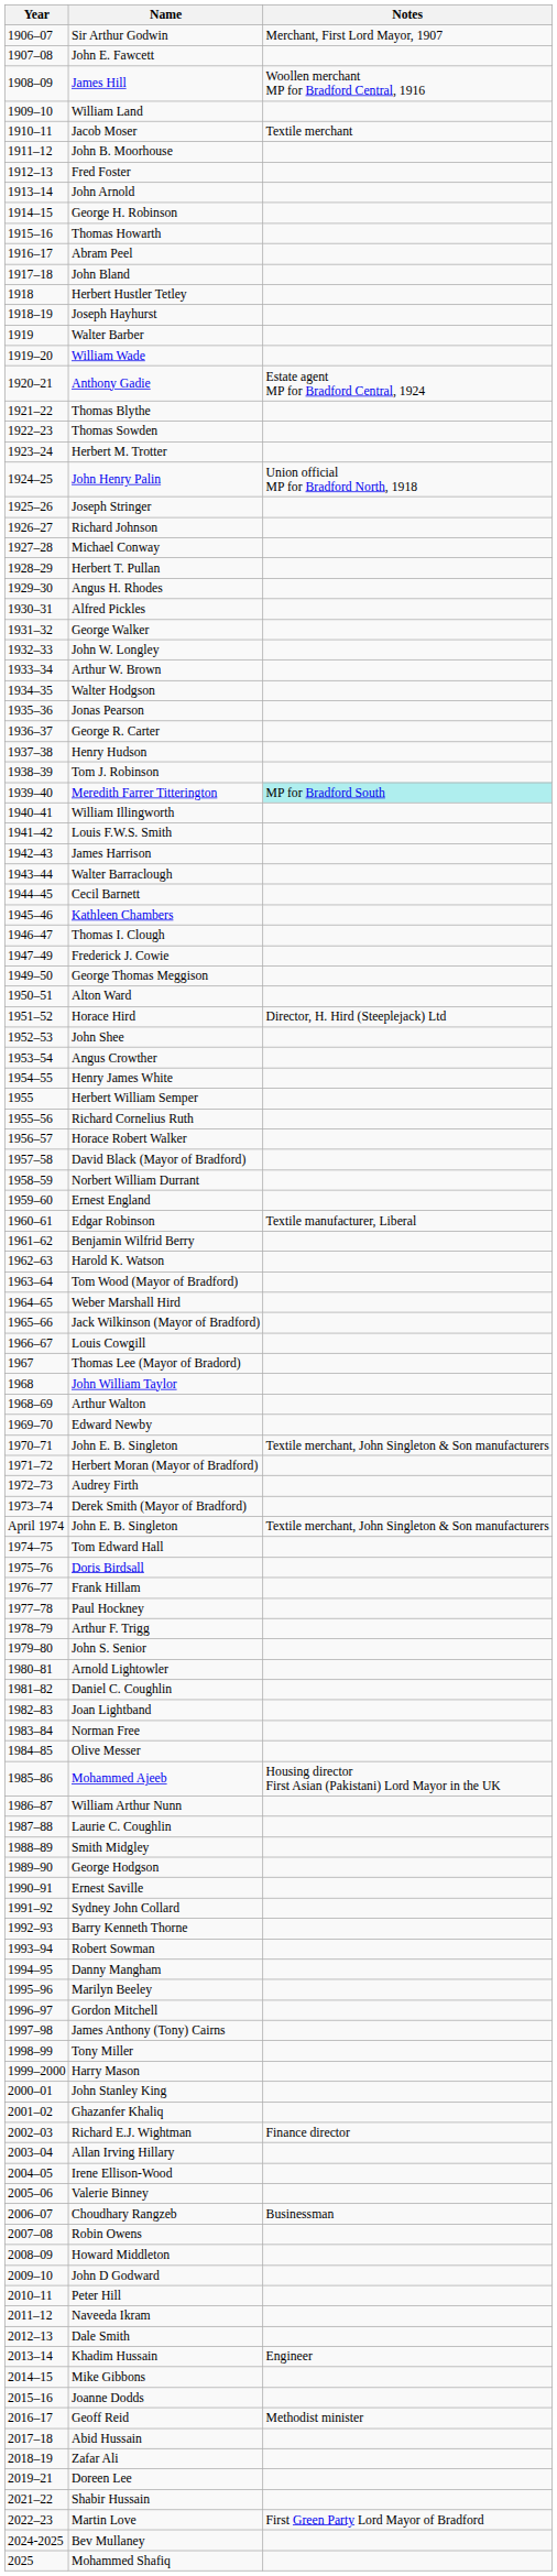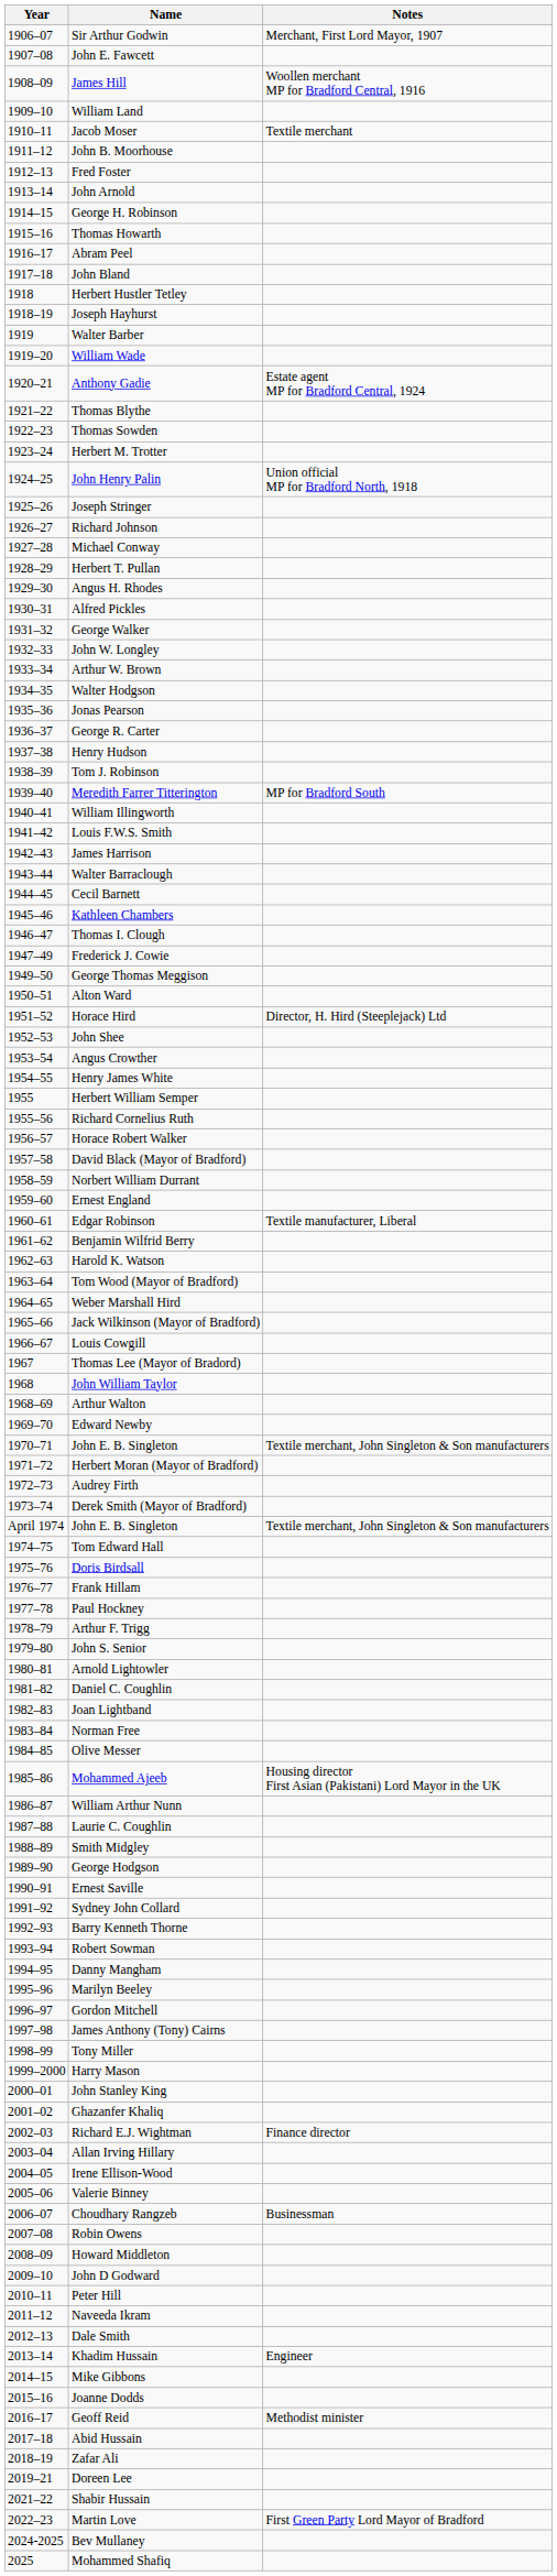 <table class="wikitable">
 <tr>
 <th>Year</th>
 <th>Name</th>
 <th>Notes</th>
 </tr>
 <tr>
 <td>1906–07</td>
 <td>Sir Arthur Godwin</td>
 <td>Merchant, First Lord Mayor, 1907</td>
 </tr>
 <tr>
 <td>1907–08</td>
 <td>John E. Fawcett</td>
 <td></td>
 </tr>
 <tr>
 <td>1908–09</td>
 <td><a href='#'>James Hill</a></td>
 <td>Woollen merchant <br> MP for <a href='#'>Bradford Central</a>, 1916</td>
 </tr>
 <tr>
 <td>1909–10</td>
 <td>William Land</td>
 <td></td>
 </tr>
 <tr>
 <td>1910–11</td>
 <td>Jacob Moser</td>
 <td>Textile merchant</td>
 </tr>
 <tr>
 <td>1911–12</td>
 <td>John B. Moorhouse</td>
 <td></td>
 </tr>
 <tr>
 <td>1912–13</td>
 <td>Fred Foster</td>
 <td></td>
 </tr>
 <tr>
 <td>1913–14</td>
 <td>John Arnold</td>
 <td></td>
 </tr>
 <tr>
 <td>1914–15</td>
 <td>George H. Robinson</td>
 <td></td>
 </tr>
 <tr>
 <td>1915–16</td>
 <td>Thomas Howarth</td>
 <td></td>
 </tr>
 <tr>
 <td>1916–17</td>
 <td>Abram Peel</td>
 <td></td>
 </tr>
 <tr>
 <td>1917–18</td>
 <td>John Bland</td>
 <td></td>
 </tr>
 <tr>
 <td>1918</td>
 <td>Herbert Hustler Tetley</td>
 <td></td>
 </tr>
 <tr>
 <td>1918–19</td>
 <td>Joseph Hayhurst</td>
 <td></td>
 </tr>
 <tr>
 <td>1919</td>
 <td>Walter Barber</td>
 <td></td>
 </tr>
 <tr>
 <td>1919–20</td>
 <td><a href='#'>William Wade</a></td>
 <td></td>
 </tr>
 <tr>
 <td>1920–21</td>
 <td><a href='#'>Anthony Gadie</a></td>
 <td>Estate agent <br> MP for <a href='#'>Bradford Central</a>, 1924</td>
 </tr>
 <tr>
 <td>1921–22</td>
 <td>Thomas Blythe</td>
 <td></td>
 </tr>
 <tr>
 <td>1922–23</td>
 <td>Thomas Sowden</td>
 <td></td>
 </tr>
 <tr>
 <td>1923–24</td>
 <td>Herbert M. Trotter</td>
 <td></td>
 </tr>
 <tr>
 <td>1924–25</td>
 <td><a href='#'>John Henry Palin</a></td>
 <td>Union official <br> MP for <a href='#'>Bradford North</a>, 1918</td>
 </tr>
 <tr>
 <td>1925–26</td>
 <td>Joseph Stringer</td>
 <td></td>
 </tr>
 <tr>
 <td>1926–27</td>
 <td>Richard Johnson</td>
 <td></td>
 </tr>
 <tr>
 <td>1927–28</td>
 <td>Michael Conway</td>
 <td></td>
 </tr>
 <tr>
 <td>1928–29</td>
 <td>Herbert T. Pullan</td>
 <td></td>
 </tr>
 <tr>
 <td>1929–30</td>
 <td>Angus H. Rhodes</td>
 <td></td>
 </tr>
 <tr>
 <td>1930–31</td>
 <td>Alfred Pickles</td>
 <td></td>
 </tr>
 <tr>
 <td>1931–32</td>
 <td>George Walker</td>
 <td></td>
 </tr>
 <tr>
 <td>1932–33</td>
 <td>John W. Longley</td>
 <td></td>
 </tr>
 <tr>
 <td>1933–34</td>
 <td>Arthur W. Brown</td>
 <td></td>
 </tr>
 <tr>
 <td>1934–35</td>
 <td>Walter Hodgson</td>
 <td></td>
 </tr>
 <tr>
 <td>1935–36</td>
 <td>Jonas Pearson</td>
 <td></td>
 </tr>
 <tr>
 <td>1936–37</td>
 <td>George R. Carter</td>
 <td></td>
 </tr>
 <tr>
 <td>1937–38</td>
 <td>Henry Hudson</td>
 <td></td>
 </tr>
 <tr>
 <td>1938–39</td>
 <td>Tom J. Robinson</td>
 <td></td>
 </tr>
 <tr>
 <td>1939–40</td>
 <td><a href='#'>Meredith Farrer Titterington</a></td>
-<td style="background: paleturquoise;">MP for <a href='#'>Bradford South</a></td>
+<td>MP for <a href='#'>Bradford South</a></td>
 </tr>
 <tr>
 <td>1940–41</td>
 <td>William Illingworth</td>
 <td></td>
 </tr>
 <tr>
 <td>1941–42</td>
 <td>Louis F.W.S. Smith</td>
 <td></td>
 </tr>
 <tr>
 <td>1942–43</td>
 <td>James Harrison</td>
 <td></td>
 </tr>
 <tr>
 <td>1943–44</td>
 <td>Walter Barraclough</td>
 <td></td>
 </tr>
 <tr>
 <td>1944–45</td>
 <td>Cecil Barnett</td>
 <td></td>
 </tr>
 <tr>
 <td>1945–46</td>
 <td><a href='#'>Kathleen Chambers</a></td>
 <td></td>
 </tr>
 <tr>
 <td>1946–47</td>
 <td>Thomas I. Clough</td>
 <td></td>
 </tr>
 <tr>
 <td>1947–49</td>
 <td>Frederick J. Cowie</td>
 <td></td>
 </tr>
 <tr>
 <td>1949–50</td>
 <td>George Thomas Meggison</td>
 <td></td>
 </tr>
 <tr>
 <td>1950–51</td>
 <td>Alton Ward</td>
 <td></td>
 </tr>
 <tr>
 <td>1951–52</td>
 <td>Horace Hird</td>
 <td>Director, H. Hird (Steeplejack) Ltd</td>
 </tr>
 <tr>
 <td>1952–53</td>
 <td>John Shee</td>
 <td></td>
 </tr>
 <tr>
 <td>1953–54</td>
 <td>Angus Crowther</td>
 <td></td>
 </tr>
 <tr>
 <td>1954–55</td>
 <td>Henry James White</td>
 <td></td>
 </tr>
 <tr>
 <td>1955</td>
 <td>Herbert William Semper</td>
 <td></td>
 </tr>
 <tr>
 <td>1955–56</td>
 <td>Richard Cornelius Ruth</td>
 <td></td>
 </tr>
 <tr>
 <td>1956–57</td>
 <td>Horace Robert Walker</td>
 <td></td>
 </tr>
 <tr>
 <td>1957–58</td>
 <td>David Black (Mayor of Bradford)</td>
 <td></td>
 </tr>
 <tr>
 <td>1958–59</td>
 <td>Norbert William Durrant</td>
 <td></td>
 </tr>
 <tr>
 <td>1959–60</td>
 <td>Ernest England</td>
 <td></td>
 </tr>
 <tr>
 <td>1960–61</td>
 <td>Edgar Robinson</td>
 <td>Textile manufacturer, Liberal</td>
 </tr>
 <tr>
 <td>1961–62</td>
 <td>Benjamin Wilfrid Berry</td>
 <td></td>
 </tr>
 <tr>
 <td>1962–63</td>
 <td>Harold K. Watson</td>
 <td></td>
 </tr>
 <tr>
 <td>1963–64</td>
 <td>Tom Wood (Mayor of Bradford)</td>
 <td></td>
 </tr>
 <tr>
 <td>1964–65</td>
 <td>Weber Marshall Hird</td>
 <td></td>
 </tr>
 <tr>
 <td>1965–66</td>
 <td>Jack Wilkinson (Mayor of Bradford)</td>
 <td></td>
 </tr>
 <tr>
 <td>1966–67</td>
 <td>Louis Cowgill</td>
 <td></td>
 </tr>
 <tr>
 <td>1967</td>
 <td>Thomas Lee (Mayor of Bradord)</td>
 <td></td>
 </tr>
 <tr>
 <td>1968</td>
 <td><a href='#'>John William Taylor</a></td>
 <td></td>
 </tr>
 <tr>
 <td>1968–69</td>
 <td>Arthur Walton</td>
 <td></td>
 </tr>
 <tr>
 <td>1969–70</td>
 <td>Edward Newby</td>
 <td></td>
 </tr>
 <tr>
 <td>1970–71</td>
 <td>John E. B. Singleton</td>
 <td>Textile merchant, John Singleton & Son manufacturers</td>
 </tr>
 <tr>
 <td>1971–72</td>
 <td>Herbert Moran (Mayor of Bradford)</td>
 <td></td>
 </tr>
 <tr>
 <td>1972–73</td>
 <td>Audrey Firth</td>
 <td></td>
 </tr>
 <tr>
 <td>1973–74</td>
 <td>Derek Smith (Mayor of Bradford)</td>
 <td></td>
 </tr>
 <tr>
 <td>April 1974</td>
 <td>John E. B. Singleton</td>
 <td>Textile merchant, John Singleton & Son manufacturers</td>
 </tr>
 <tr>
 <td>1974–75</td>
 <td>Tom Edward Hall</td>
 <td></td>
 </tr>
 <tr>
 <td>1975–76</td>
 <td><a href='#'>Doris Birdsall</a></td>
 <td></td>
 </tr>
 <tr>
 <td>1976–77</td>
 <td>Frank Hillam</td>
 <td></td>
 </tr>
 <tr>
 <td>1977–78</td>
 <td>Paul Hockney</td>
 <td></td>
 </tr>
 <tr>
 <td>1978–79</td>
 <td>Arthur F. Trigg</td>
 <td></td>
 </tr>
 <tr>
 <td>1979–80</td>
 <td>John S. Senior</td>
 <td></td>
 </tr>
 <tr>
 <td>1980–81</td>
 <td>Arnold Lightowler</td>
 <td></td>
 </tr>
 <tr>
 <td>1981–82</td>
 <td>Daniel C. Coughlin</td>
 <td></td>
 </tr>
 <tr>
 <td>1982–83</td>
 <td>Joan Lightband</td>
 <td></td>
 </tr>
 <tr>
 <td>1983–84</td>
 <td>Norman Free</td>
 <td></td>
 </tr>
 <tr>
 <td>1984–85</td>
 <td>Olive Messer</td>
 <td></td>
 </tr>
 <tr>
 <td>1985–86</td>
 <td><a href='#'>Mohammed Ajeeb</a></td>
 <td>Housing director <br> First Asian (Pakistani) Lord Mayor in the UK</td>
 </tr>
 <tr>
 <td>1986–87</td>
 <td>William Arthur Nunn</td>
 <td></td>
 </tr>
 <tr>
 <td>1987–88</td>
 <td>Laurie C. Coughlin</td>
 <td></td>
 </tr>
 <tr>
 <td>1988–89</td>
 <td>Smith Midgley</td>
 <td></td>
 </tr>
 <tr>
 <td>1989–90</td>
 <td>George Hodgson</td>
 <td></td>
 </tr>
 <tr>
 <td>1990–91</td>
 <td>Ernest Saville</td>
 <td></td>
 </tr>
 <tr>
 <td>1991–92</td>
 <td>Sydney John Collard</td>
 <td></td>
 </tr>
 <tr>
 <td>1992–93</td>
 <td>Barry Kenneth Thorne</td>
 <td></td>
 </tr>
 <tr>
 <td>1993–94</td>
 <td>Robert Sowman</td>
 <td></td>
 </tr>
 <tr>
 <td>1994–95</td>
 <td>Danny Mangham</td>
 <td></td>
 </tr>
 <tr>
 <td>1995–96</td>
 <td>Marilyn Beeley</td>
 <td></td>
 </tr>
 <tr>
 <td>1996–97</td>
 <td>Gordon Mitchell</td>
 <td></td>
 </tr>
 <tr>
 <td>1997–98</td>
 <td>James Anthony (Tony) Cairns</td>
 <td></td>
 </tr>
 <tr>
 <td>1998–99</td>
 <td>Tony Miller</td>
 <td></td>
 </tr>
 <tr>
 <td>1999–2000</td>
 <td>Harry Mason</td>
 <td></td>
 </tr>
 <tr>
 <td>2000–01</td>
 <td>John Stanley King</td>
 <td></td>
 </tr>
 <tr>
 <td>2001–02</td>
 <td>Ghazanfer Khaliq</td>
 <td></td>
 </tr>
 <tr>
 <td>2002–03</td>
 <td>Richard E.J. Wightman</td>
 <td>Finance director</td>
 </tr>
 <tr>
 <td>2003–04</td>
 <td>Allan Irving Hillary</td>
 <td></td>
 </tr>
 <tr>
 <td>2004–05</td>
 <td>Irene Ellison-Wood</td>
 <td></td>
 </tr>
 <tr>
 <td>2005–06</td>
 <td>Valerie Binney</td>
 <td></td>
 </tr>
 <tr>
 <td>2006–07</td>
 <td>Choudhary Rangzeb</td>
 <td>Businessman</td>
 </tr>
 <tr>
 <td>2007–08</td>
 <td>Robin Owens</td>
 <td></td>
 </tr>
 <tr>
 <td>2008–09</td>
 <td>Howard Middleton</td>
 <td></td>
 </tr>
 <tr>
 <td>2009–10</td>
 <td>John D Godward</td>
 <td></td>
 </tr>
 <tr>
 <td>2010–11</td>
 <td>Peter Hill</td>
 <td></td>
 </tr>
 <tr>
 <td>2011–12</td>
 <td>Naveeda Ikram</td>
 <td></td>
 </tr>
 <tr>
 <td>2012–13</td>
 <td>Dale Smith</td>
 <td></td>
 </tr>
 <tr>
 <td>2013–14</td>
 <td>Khadim Hussain</td>
 <td>Engineer</td>
 </tr>
 <tr>
 <td>2014–15</td>
 <td>Mike Gibbons</td>
 <td></td>
 </tr>
 <tr>
 <td>2015–16</td>
 <td>Joanne Dodds</td>
 <td></td>
 </tr>
 <tr>
 <td>2016–17</td>
 <td>Geoff Reid</td>
 <td>Methodist minister</td>
 </tr>
 <tr>
 <td>2017–18</td>
 <td>Abid Hussain</td>
 </tr>
 <tr>
 <td>2018–19</td>
 <td>Zafar Ali</td>
 <td></td>
 </tr>
 <tr>
 <td>2019–21</td>
 <td>Doreen Lee</td>
 <td></td>
 </tr>
 <tr>
 <td>2021–22</td>
 <td>Shabir Hussain</td>
 </tr>
 <tr>
 <td>2022–23</td>
 <td>Martin Love</td>
 <td>First <a href='#'>Green Party</a> Lord Mayor of Bradford</td>
 </tr>
 <tr>
 <td>2024-2025</td>
 <td>Bev Mullaney</td>
 <td></td>
 </tr>
 <tr>
 <td>2025</td>
 <td>Mohammed Shafiq</td>
 <td></td>
 </tr>
 </table>
